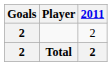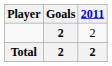 <table class="wikitable sortable" style="text-align:center;">
 <tr>
+<th>Player</th>
 <th>Goals</th>
-<th>Player</th>
 <th><a href='#'>2011</a></th>
 </tr>
 <tr>
+<td align="left"></td>
 <th>2</th>
-<td align="left"></td>
 <td>2</td>
 </tr>
 <tr class="sortbottom">
+<th>Total</th>
 <th>2</th>
-<th>Total</th>
 <th>2</th>
 </tr>
 </table>
